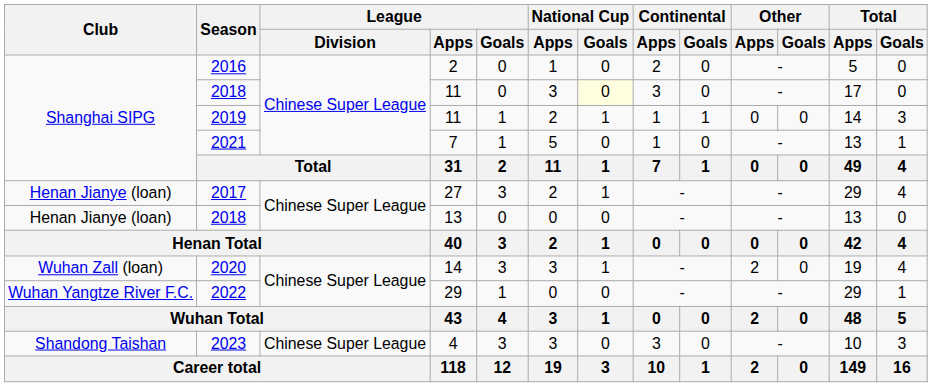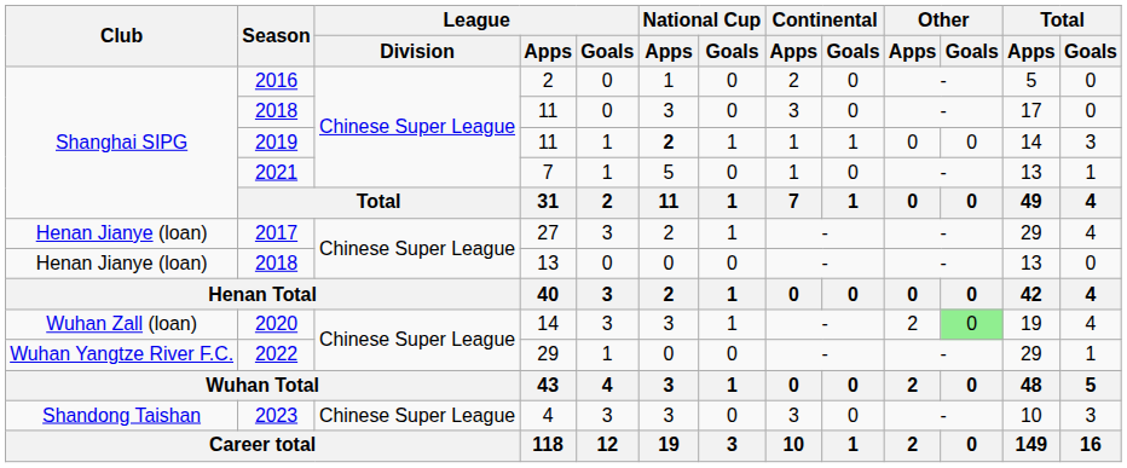 <table class="wikitable" style="text-align: center">
 <tr>
 <th rowspan="2">Club</th>
 <th rowspan="2">Season</th>
 <th colspan="3">League</th>
 <th colspan="2">National Cup</th>
 <th colspan="2">Continental</th>
 <th colspan="2">Other</th>
 <th colspan="2">Total</th>
 </tr>
 <tr>
 <th>Division</th>
 <th>Apps</th>
 <th>Goals</th>
 <th>Apps</th>
 <th>Goals</th>
 <th>Apps</th>
 <th>Goals</th>
 <th>Apps</th>
 <th>Goals</th>
 <th>Apps</th>
 <th>Goals</th>
 </tr>
 <tr>
 <td rowspan=5><a href='#'>Shanghai SIPG</a></td>
 <td><a href='#'>2016</a></td>
 <td rowspan=4><a href='#'>Chinese Super League</a></td>
 <td>2</td>
 <td>0</td>
 <td>1</td>
 <td>0</td>
 <td>2</td>
 <td>0</td>
 <td colspan="2">-</td>
 <td>5</td>
 <td>0</td>
 </tr>
 <tr>
 <td><a href='#'>2018</a></td>
 <td>11</td>
 <td>0</td>
 <td>3</td>
-<td style="background: lightyellow;">0</td>
+<td>0</td>
 <td>3</td>
 <td>0</td>
 <td colspan="2">-</td>
 <td>17</td>
 <td>0</td>
 </tr>
 <tr>
 <td><a href='#'>2019</a></td>
 <td>11</td>
 <td>1</td>
-<td>2</td>
+<td><strong>2</strong></td>
 <td>1</td>
 <td>1</td>
 <td>1</td>
 <td>0</td>
 <td>0</td>
 <td>14</td>
 <td>3</td>
 </tr>
 <tr>
 <td><a href='#'>2021</a></td>
 <td>7</td>
 <td>1</td>
 <td>5</td>
 <td>0</td>
 <td>1</td>
 <td>0</td>
 <td colspan="2">-</td>
 <td>13</td>
 <td>1</td>
 </tr>
 <tr>
 <th colspan=2>Total</th>
 <th>31</th>
 <th>2</th>
 <th>11</th>
 <th>1</th>
 <th>7</th>
 <th>1</th>
 <th>0</th>
 <th>0</th>
 <th>49</th>
 <th>4</th>
 </tr>
 <tr>
 <td><a href='#'>Henan Jianye</a> (loan)</td>
 <td><a href='#'>2017</a></td>
 <td rowspan=2>Chinese Super League</td>
 <td>27</td>
 <td>3</td>
 <td>2</td>
 <td>1</td>
 <td colspan="2">-</td>
 <td colspan="2">-</td>
 <td>29</td>
 <td>4</td>
 </tr>
 <tr>
 <td>Henan Jianye (loan)</td>
 <td><a href='#'>2018</a></td>
 <td>13</td>
 <td>0</td>
 <td>0</td>
 <td>0</td>
 <td colspan="2">-</td>
 <td colspan="2">-</td>
 <td>13</td>
 <td>0</td>
 </tr>
 <tr>
 <th colspan=3>Henan Total</th>
 <th>40</th>
 <th>3</th>
 <th>2</th>
 <th>1</th>
 <th>0</th>
 <th>0</th>
 <th>0</th>
 <th>0</th>
 <th>42</th>
 <th>4</th>
 </tr>
 <tr>
 <td><a href='#'>Wuhan Zall</a> (loan)</td>
 <td><a href='#'>2020</a></td>
 <td rowspan=2>Chinese Super League</td>
 <td>14</td>
 <td>3</td>
 <td>3</td>
 <td>1</td>
 <td colspan="2">-</td>
 <td>2</td>
-<td>0</td>
+<td style="background: lightgreen;">0</td>
 <td>19</td>
 <td>4</td>
 </tr>
 <tr>
 <td><a href='#'>Wuhan Yangtze River F.C.</a></td>
 <td><a href='#'>2022</a></td>
 <td>29</td>
 <td>1</td>
 <td>0</td>
 <td>0</td>
 <td colspan="2">-</td>
 <td colspan="2">-</td>
 <td>29</td>
 <td>1</td>
 </tr>
 <tr>
 <th colspan=3>Wuhan Total</th>
 <th>43</th>
 <th>4</th>
 <th>3</th>
 <th>1</th>
 <th>0</th>
 <th>0</th>
 <th>2</th>
 <th>0</th>
 <th>48</th>
 <th>5</th>
 </tr>
 <tr>
 <td><a href='#'>Shandong Taishan</a></td>
 <td><a href='#'>2023</a></td>
 <td>Chinese Super League</td>
 <td>4</td>
 <td>3</td>
 <td>3</td>
 <td>0</td>
 <td>3</td>
 <td>0</td>
 <td colspan="2">-</td>
 <td>10</td>
 <td>3</td>
 </tr>
 <tr>
 <th colspan=3>Career total</th>
 <th>118</th>
 <th>12</th>
 <th>19</th>
 <th>3</th>
 <th>10</th>
 <th>1</th>
 <th>2</th>
 <th>0</th>
 <th>149</th>
 <th>16</th>
 </tr>
 </table>
